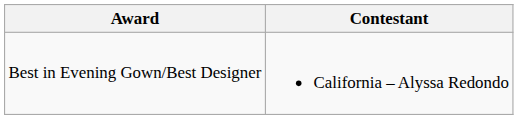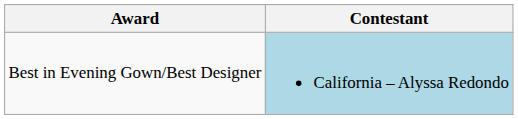 <table class="wikitable sortable" style="font-size: 95%;">
 <tr>
 <th>Award</th>
 <th>Contestant</th>
 </tr>
 <tr>
 <td>Best in Evening Gown/Best Designer</td>
-<td><br><ul><li>California – Alyssa Redondo </li></ul></td>
+<td style="background: lightblue;"><br><ul><li>California – Alyssa Redondo </li></ul></td>
 </tr>
 </table>
